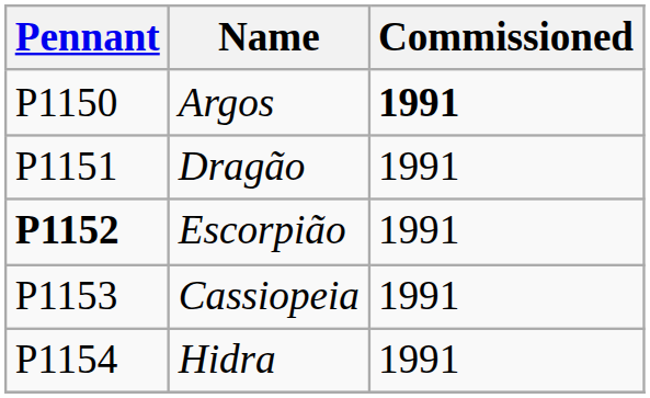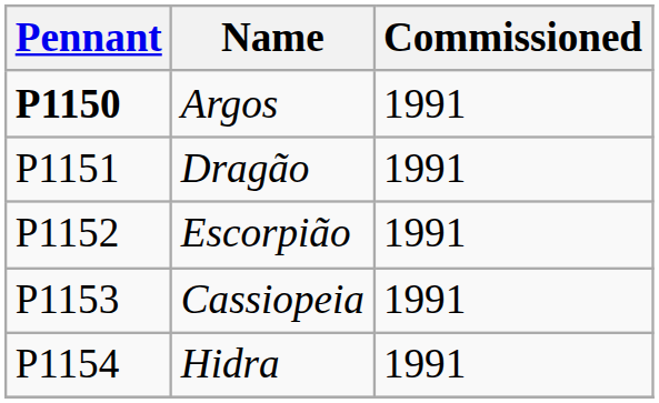 <table class="wikitable">
 <tr>
 <th><a href='#'>Pennant</a></th>
 <th>Name</th>
 <th>Commissioned</th>
 </tr>
 <tr>
-<td>P1150</td>
+<td><strong>P1150</strong></td>
 <td><em>Argos</em></td>
-<td><strong>1991</strong></td>
+<td>1991</td>
 </tr>
 <tr>
 <td>P1151</td>
 <td><em>Dragão</em></td>
 <td>1991</td>
 </tr>
 <tr>
-<td><strong>P1152</strong></td>
+<td>P1152</td>
 <td><em>Escorpião</em></td>
 <td>1991</td>
 </tr>
 <tr>
 <td>P1153</td>
 <td><em>Cassiopeia</em></td>
 <td>1991</td>
 </tr>
 <tr>
 <td>P1154</td>
 <td><em>Hidra</em></td>
 <td>1991</td>
 </tr>
 <tr>
 </tr>
 </table>
